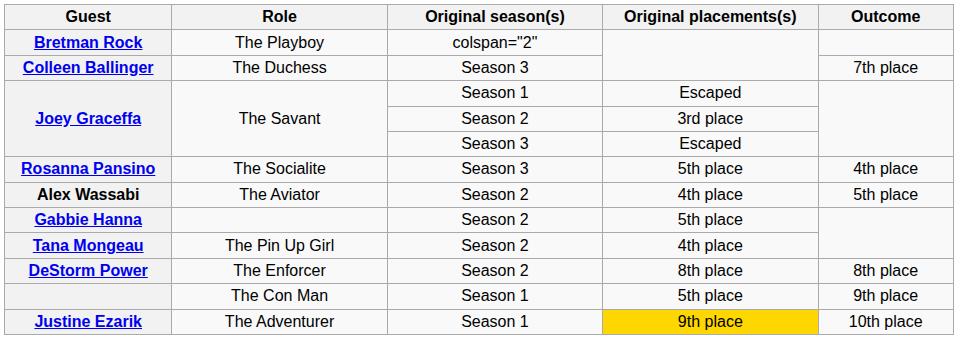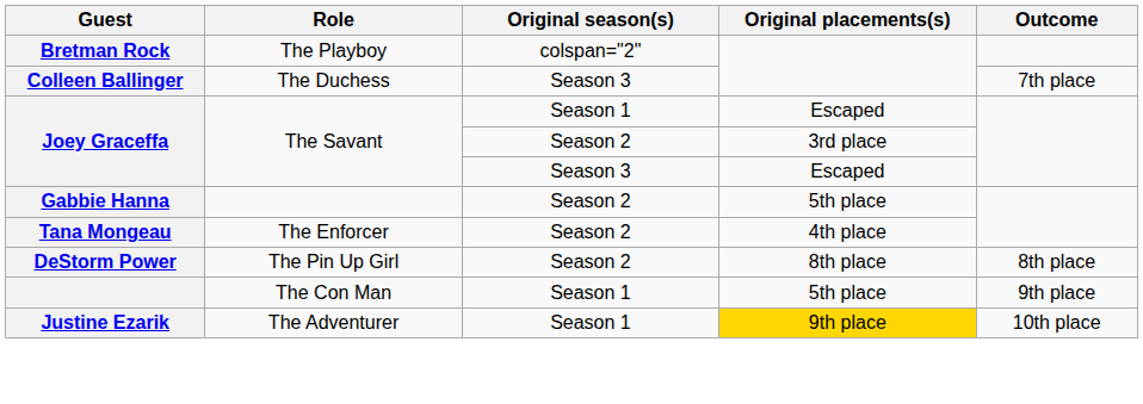 <table class="wikitable sortable" style="text-align:center;">
 <tr>
 <th scope="col" style="width:10em">Guest</th>
 <th scope="col" style="width:13em">Role</th>
 <th scope="col" style="width:13em">Original season(s)</th>
 <th scope="col" style="width:13em">Original placements(s)</th>
 <th scope="col" style="width:08em">Outcome</th>
 </tr>
 <tr>
 <th scope="row"><a href='#'>Bretman Rock</a></th>
 <td>The Playboy</td>
 <td>colspan="2" </td>
 <td rowspan="2"><strong></strong></td>
 </tr>
 <tr>
 <th scope="row"><a href='#'>Colleen Ballinger</a></th>
 <td>The Duchess</td>
 <td>Season 3</td>
 <td>7th place</td>
 </tr>
 <tr>
 <th scope="row" rowspan="3"><a href='#'>Joey Graceffa</a></th>
 <td rowspan="3">The Savant</td>
 <td>Season 1</td>
 <td>Escaped</td>
 <td rowspan="3"><strong></strong></td>
 </tr>
 <tr>
 <td>Season 2</td>
 <td>3rd place</td>
 </tr>
 <tr>
 <td>Season 3</td>
 <td>Escaped</td>
 </tr>
 <tr>
-<th scope="row"><a href='#'>Rosanna Pansino</a></th>
-<td>The Socialite</td>
-<td>Season 3</td>
-<td>5th place</td>
-<td>4th place</td>
-</tr>
-<tr>
-<th scope="row">Alex Wassabi</th>
-<td>The Aviator</td>
-<td>Season 2</td>
-<td>4th place</td>
-<td>5th place</td>
-</tr>
-<tr>
 <th scope="row"><a href='#'>Gabbie Hanna</a></th>
 <td></td>
 <td>Season 2</td>
 <td>5th place</td>
 <td rowspan="2"></td>
 </tr>
 <tr>
 <th scope="row"><a href='#'>Tana Mongeau</a></th>
-<td>The Pin Up Girl</td>
+<td>The Enforcer</td>
 <td>Season 2</td>
 <td>4th place</td>
 </tr>
 <tr>
 <th scope="row"><a href='#'>DeStorm Power</a></th>
-<td>The Enforcer</td>
+<td>The Pin Up Girl</td>
 <td>Season 2</td>
 <td>8th place</td>
 <td>8th place</td>
 </tr>
 <tr>
 <th scope="row"></th>
 <td>The Con Man</td>
 <td>Season 1</td>
 <td>5th place</td>
 <td>9th place</td>
 </tr>
 <tr>
 <th scope="row"><a href='#'>Justine Ezarik</a></th>
 <td>The Adventurer</td>
 <td>Season 1</td>
 <td style="background: gold;">9th place</td>
 <td>10th place</td>
 </tr>
 </table>
